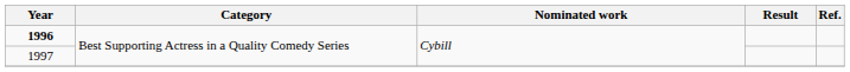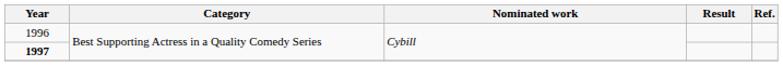 <table class=wikitable>
 <tr>
 <th scope="col" style="width:5em;">Year</th>
 <th scope="col" style="width:26em;">Category</th>
 <th scope="col" style="width:25em;">Nominated work</th>
 <th scope="col" style="width:5em;">Result</th>
 <th>Ref.</th>
 </tr>
 <tr>
-<td style="text-align:center;"><strong>1996</strong></td>
+<td style="text-align:center;">1996</td>
 <td rowspan=2>Best Supporting Actress in a Quality Comedy Series</td>
 <td rowspan=2><em>Cybill</em></td>
 <td></td>
 <td></td>
 </tr>
 <tr>
-<td style="text-align:center;">1997</td>
+<td style="text-align:center;"><strong>1997</strong></td>
 <td></td>
 <td></td>
 </tr>
 <tr>
 </tr>
 </table>
